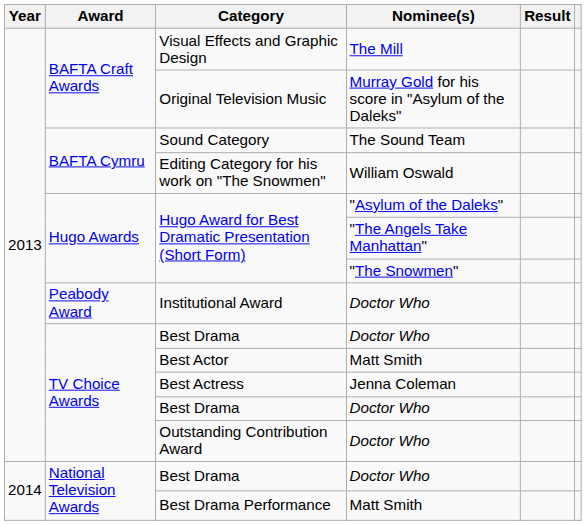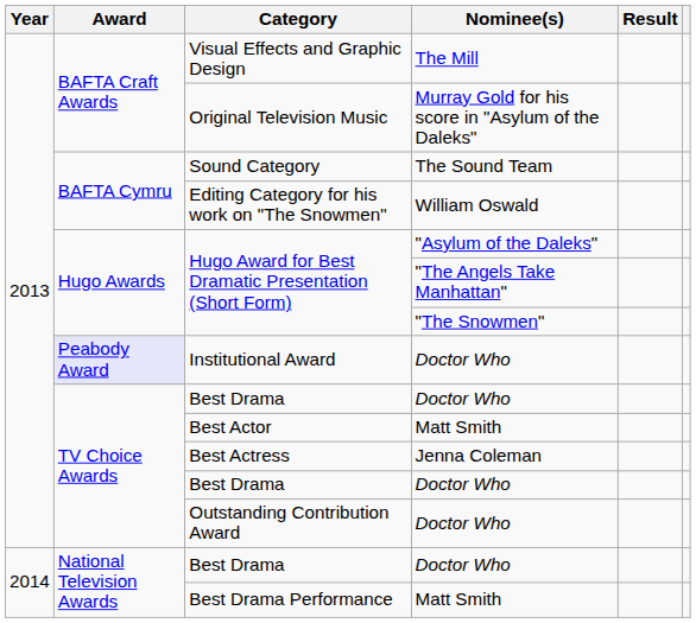 <table class="wikitable sortable">
 <tr>
 <th>Year</th>
 <th>Award</th>
 <th>Category</th>
 <th>Nominee(s)</th>
 <th>Result</th>
 <th class="unsortable"></th>
 </tr>
 <tr>
 <td rowspan="13">2013</td>
 <td rowspan="2"><a href='#'>BAFTA Craft Awards</a></td>
 <td>Visual Effects and Graphic Design</td>
 <td><a href='#'>The Mill</a></td>
 <td></td>
 <td></td>
 </tr>
 <tr>
 <td>Original Television Music</td>
 <td><a href='#'>Murray Gold</a> for his score in "Asylum of the Daleks"</td>
 <td></td>
 <td></td>
 </tr>
 <tr>
 <td rowspan="2"><a href='#'>BAFTA Cymru</a></td>
 <td>Sound Category</td>
 <td>The Sound Team</td>
 <td></td>
 <td></td>
 </tr>
 <tr>
 <td>Editing Category for his work on "The Snowmen"</td>
 <td>William Oswald</td>
 <td></td>
 <td></td>
 </tr>
 <tr>
 <td rowspan="3"><a href='#'>Hugo Awards</a></td>
 <td rowspan="3"><a href='#'>Hugo Award for Best Dramatic Presentation (Short Form)</a></td>
 <td>"<a href='#'>Asylum of the Daleks</a>"</td>
 <td></td>
 <td></td>
 </tr>
 <tr>
 <td>"<a href='#'>The Angels Take Manhattan</a>"</td>
 <td></td>
 <td></td>
 </tr>
 <tr>
 <td>"<a href='#'>The Snowmen</a>"</td>
 <td></td>
 <td></td>
 </tr>
 <tr>
-<td><a href='#'>Peabody Award</a></td>
+<td style="background: lavender;"><a href='#'>Peabody Award</a></td>
 <td>Institutional Award</td>
 <td><em>Doctor Who</em></td>
 <td></td>
 <td></td>
 </tr>
 <tr>
 <td rowspan="5"><a href='#'>TV Choice Awards</a></td>
 <td>Best Drama</td>
 <td><em>Doctor Who</em></td>
 <td></td>
 <td></td>
 </tr>
 <tr>
 <td>Best Actor</td>
 <td>Matt Smith</td>
 <td></td>
 <td></td>
 </tr>
 <tr>
 <td>Best Actress</td>
 <td>Jenna Coleman</td>
 <td></td>
 <td></td>
 </tr>
 <tr>
 <td>Best Drama</td>
 <td><em>Doctor Who</em></td>
 <td></td>
 <td></td>
 </tr>
 <tr>
 <td>Outstanding Contribution Award</td>
 <td><em>Doctor Who</em></td>
 <td></td>
 <td></td>
 </tr>
 <tr>
 <td rowspan="2">2014</td>
 <td rowspan="2"><a href='#'>National Television Awards</a></td>
 <td>Best Drama</td>
 <td><em>Doctor Who</em></td>
 <td></td>
 <td></td>
 </tr>
 <tr>
 <td>Best Drama Performance</td>
 <td>Matt Smith</td>
 <td></td>
 <td></td>
 </tr>
 </table>
